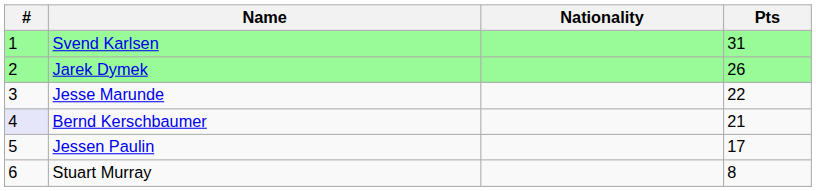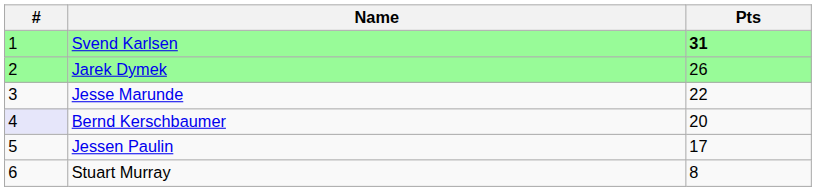 <table class="wikitable" style="display: inline-table; width: 50%;">
 <tr>
 <th>#</th>
 <th>Name</th>
-<th>Nationality</th>
 <th>Pts</th>
 </tr>
 <tr style="background:palegreen;">
 <td>1</td>
 <td><a href='#'>Svend Karlsen</a></td>
-<td></td>
-<td>31</td>
+<td><strong>31</strong></td>
 </tr>
 <tr style="background:palegreen;">
 <td>2</td>
 <td><a href='#'>Jarek Dymek</a></td>
-<td></td>
 <td>26</td>
 </tr>
 <tr>
 <td>3</td>
 <td><a href='#'>Jesse Marunde</a></td>
-<td></td>
 <td>22</td>
 </tr>
 <tr>
 <td style="background: lavender;">4</td>
 <td><a href='#'>Bernd Kerschbaumer</a></td>
-<td></td>
-<td>21</td>
+<td>20</td>
 </tr>
 <tr>
 <td>5</td>
 <td><a href='#'>Jessen Paulin</a></td>
-<td></td>
 <td>17</td>
 </tr>
 <tr>
 <td>6</td>
 <td>Stuart Murray</td>
-<td></td>
 <td>8</td>
 </tr>
 </table>
